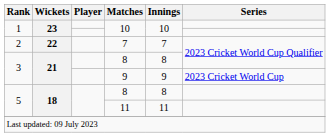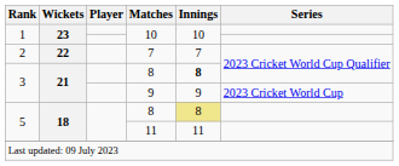 <table class="wikitable plainrowheaders sortable">
 <tr>
 <th scope=col>Rank</th>
 <th scope=col>Wickets</th>
 <th scope=col>Player</th>
 <th>Matches</th>
 <th scope="col">Innings</th>
 <th scope="col">Series</th>
 </tr>
 <tr>
 <td align=center rowspan=2>1</td>
 <th scope=row style=text-align:center; rowspan=2>23</th>
 <td></td>
 <td rowspan="2" align="center">10</td>
 <td rowspan="2" align="center">10</td>
 <td></td>
 </tr>
 <tr>
 <td></td>
 <td></td>
 </tr>
 <tr>
 <td align="center">2</td>
 <th scope="row" style="text-align:center;">22</th>
 <td> </td>
 <td align="center">7</td>
 <td align="center">7</td>
 <td rowspan=2><a href='#'>2023 Cricket World Cup Qualifier</a></td>
 </tr>
 <tr>
 <td align="center" rowspan=2>3</td>
 <th scope="row" style="text-align:center;" rowspan=2>21</th>
 <td> </td>
 <td align="center">8</td>
-<td align="center">8</td>
+<td align="center"><strong>8</strong></td>
 </tr>
 <tr>
 <td> </td>
 <td align="center">9</td>
 <td align="center">9</td>
 <td><a href='#'>2023 Cricket World Cup </a></td>
 </tr>
 <tr>
 <td rowspan="2" align="center">5</td>
 <th rowspan="2" scope="row" style="text-align:center;">18</th>
 <td rowspan="2"></td>
 <td align="center">8</td>
-<td align="center">8</td>
+<td align="center" style="background: khaki;">8</td>
 <td></td>
 </tr>
 <tr>
 <td align="center">11</td>
 <td align="center">11</td>
 <td></td>
 </tr>
 <tr>
 </tr>
 <tr class=sortbottom>
 <td colspan="6"><small>Last updated: 09 July 2023</small></td>
 </tr>
 </table>
